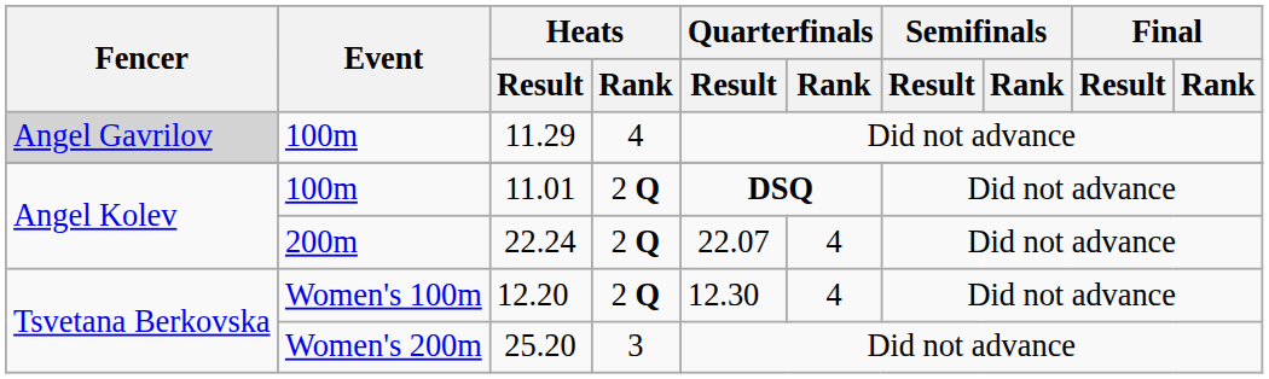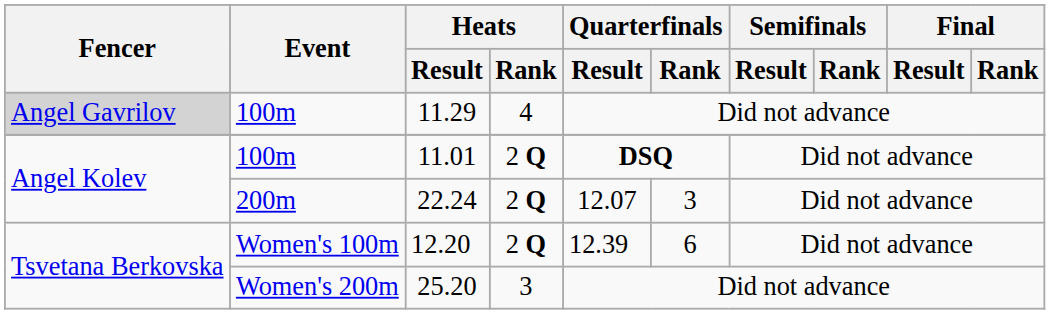 <table class=wikitable style="font-size:90%">
 <tr>
 <th rowspan=2>Fencer</th>
 <th rowspan=2>Event</th>
 <th colspan=2>Heats</th>
 <th colspan=2>Quarterfinals</th>
 <th colspan=2>Semifinals</th>
 <th colspan=2>Final</th>
 </tr>
 <tr>
 <th>Result</th>
 <th>Rank</th>
 <th>Result</th>
 <th>Rank</th>
 <th>Result</th>
 <th>Rank</th>
 <th>Result</th>
 <th>Rank</th>
 </tr>
 <tr align=center>
 <td align=left style="background: lightgrey;"><a href='#'>Angel Gavrilov</a></td>
 <td align=left><a href='#'>100m</a></td>
 <td>11.29</td>
 <td align=center>4</td>
 <td align=center colspan=6>Did not advance</td>
 </tr>
 <tr>
 </tr>
 <tr align=center>
 <td align=left rowspan=2><a href='#'>Angel Kolev</a></td>
 <td align=left><a href='#'>100m</a></td>
 <td>11.01</td>
 <td>2 <strong>Q</strong></td>
 <td colspan=2><strong>DSQ</strong></td>
 <td colspan=4>Did not advance</td>
 </tr>
 <tr align=center>
 <td align=left><a href='#'>200m</a></td>
 <td>22.24</td>
 <td>2 <strong>Q</strong></td>
-<td>22.07</td>
-<td>4</td>
+<td>12.07</td>
+<td>3</td>
 <td colspan=4>Did not advance</td>
 </tr>
 <tr>
 <td align=left rowspan=2><a href='#'>Tsvetana Berkovska</a></td>
 <td align=left><a href='#'>  Women's 100m</a></td>
 <td>12.20</td>
 <td align=center>2 <strong>Q</strong></td>
-<td>12.30</td>
-<td align=center>4</td>
+<td>12.39</td>
+<td align=center>6</td>
 <td align=center colspan=4>Did not advance</td>
 </tr>
 <tr align=center>
 <td align=left><a href='#'>Women's 200m</a></td>
 <td>25.20</td>
 <td>3</td>
 <td align=center colspan=6>Did not advance</td>
 </tr>
 </table>
